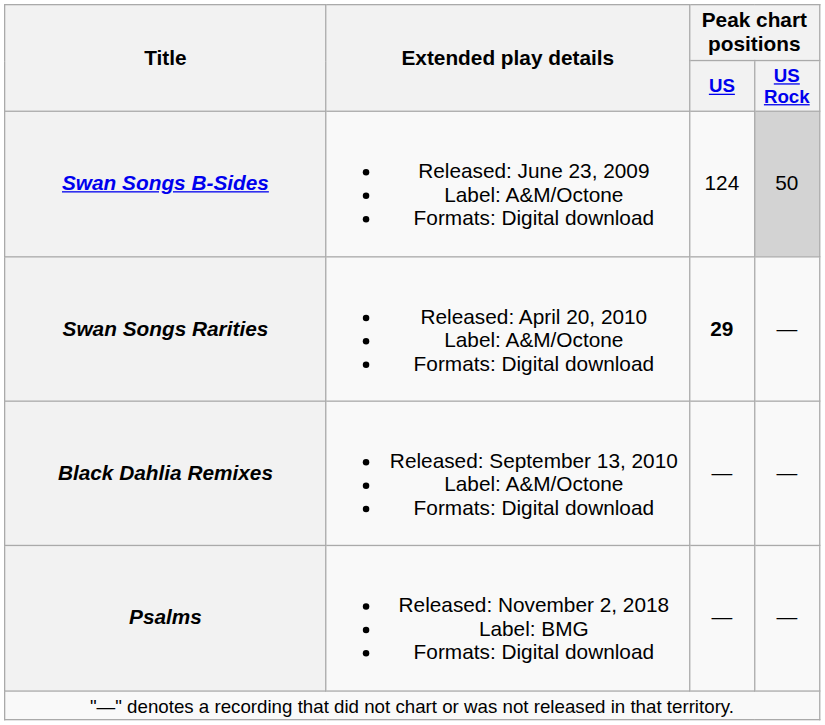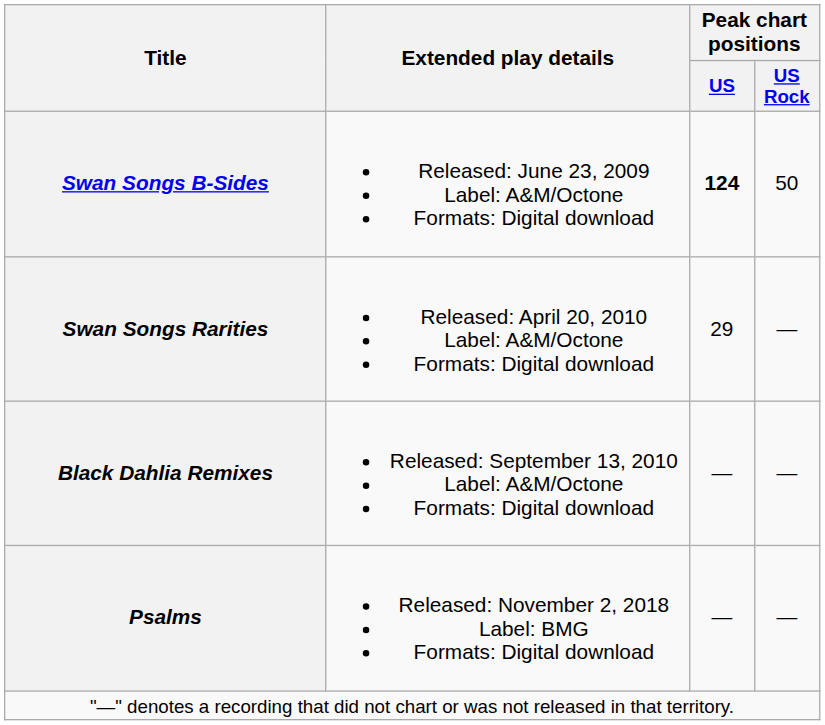 <table class="wikitable plainrowheaders"  style="text-align:center;">
 <tr>
 <th scope="col" rowspan="2" style="width:15em;">Title</th>
 <th scope="col" rowspan="2" style="width:17em;">Extended play details</th>
 <th scope="col" colspan="2">Peak chart positions</th>
 </tr>
 <tr>
 <th scope="col" style="width:3em;font-size:90%;"><a href='#'>US</a><br></th>
 <th scope="col" style="width:3em;font-size:90%;"><a href='#'>US<br>Rock</a><br></th>
 </tr>
 <tr>
 <th scope="row"><em><a href='#'>Swan Songs B-Sides</a></em></th>
 <td><br><ul><li>Released: June 23, 2009</li><li>Label: A&M/Octone</li><li>Formats: Digital download</li></ul></td>
-<td>124</td>
-<td style="background: lightgrey;">50</td>
+<td><strong>124</strong></td>
+<td>50</td>
 </tr>
 <tr>
 <th scope="row"><em>Swan Songs Rarities</em></th>
 <td><br><ul><li>Released: April 20, 2010</li><li>Label: A&M/Octone</li><li>Formats: Digital download</li></ul></td>
-<td><strong>29</strong></td>
+<td>29</td>
 <td>—</td>
 </tr>
 <tr>
 <th scope="row"><em>Black Dahlia Remixes</em></th>
 <td><br><ul><li>Released: September 13, 2010</li><li>Label: A&M/Octone</li><li>Formats: Digital download</li></ul></td>
 <td>—</td>
 <td>—</td>
 </tr>
 <tr>
 <th scope="row"><em>Psalms</em></th>
 <td><br><ul><li>Released: November 2, 2018</li><li>Label: BMG</li><li>Formats: Digital download</li></ul></td>
 <td>—</td>
 <td>—</td>
 </tr>
 <tr>
 <td colspan="5" style="font-size:90%">"—" denotes a recording that did not chart or was not released in that territory.</td>
 </tr>
 </table>
